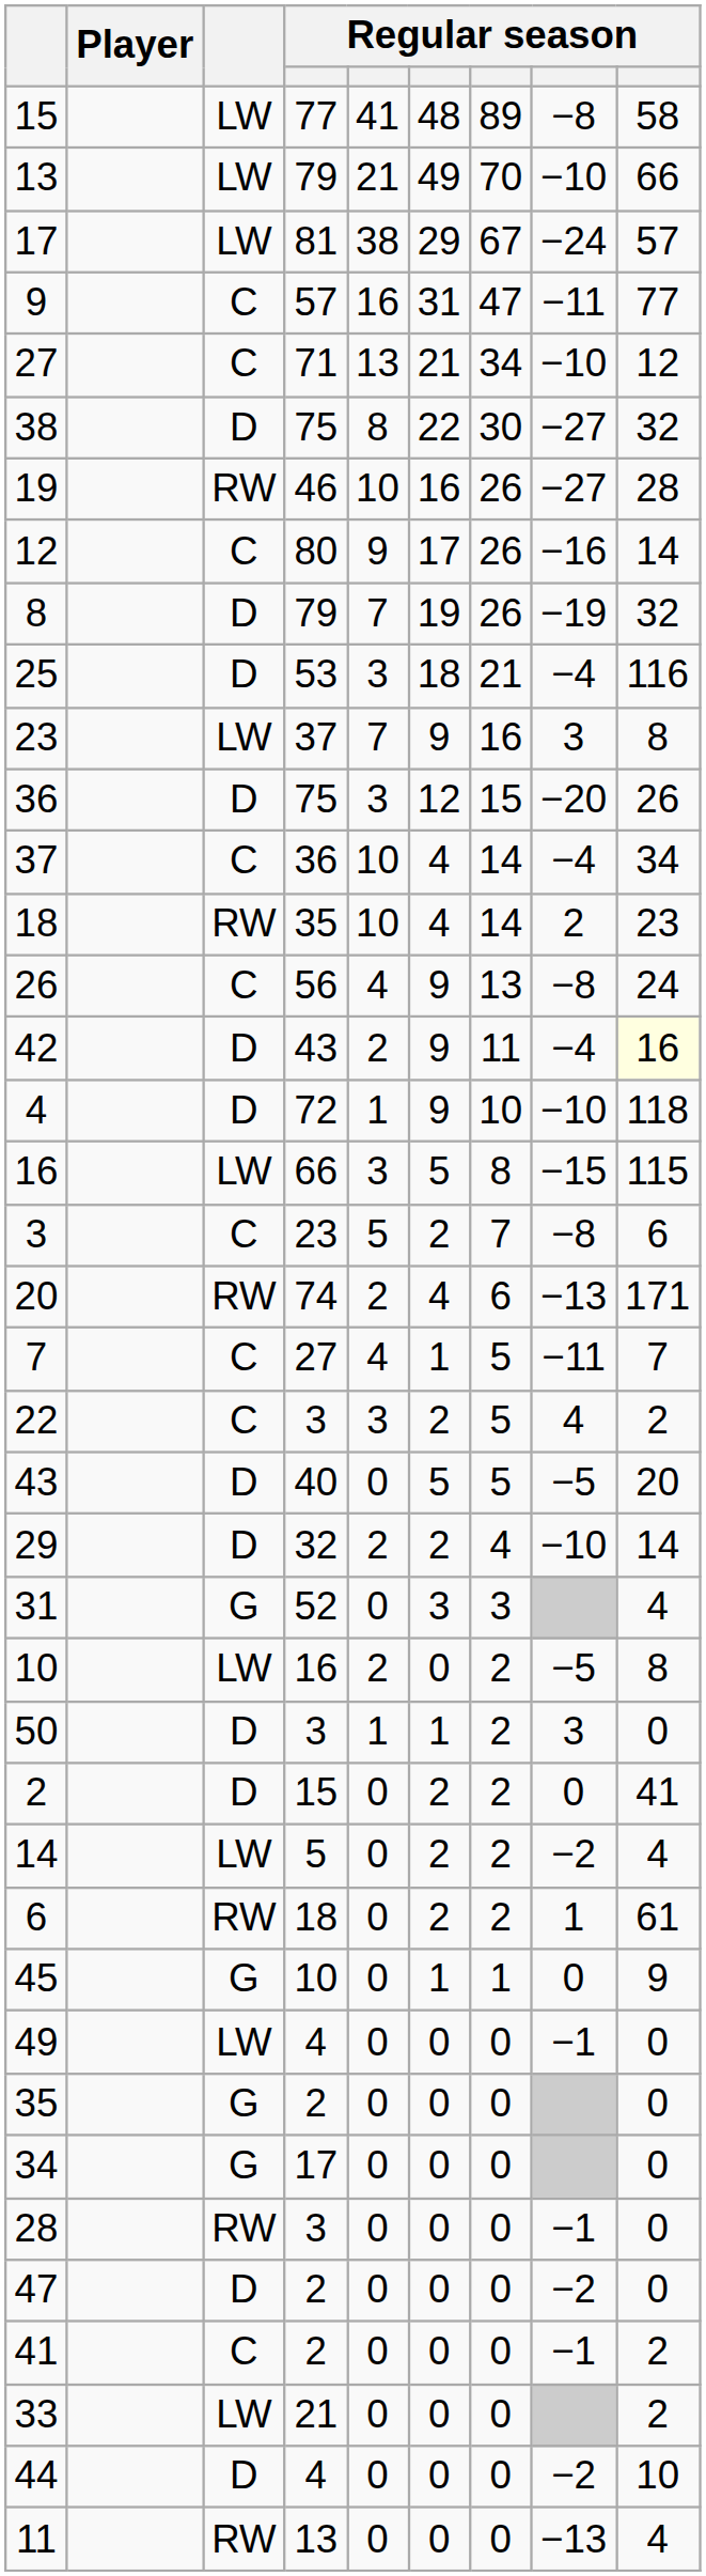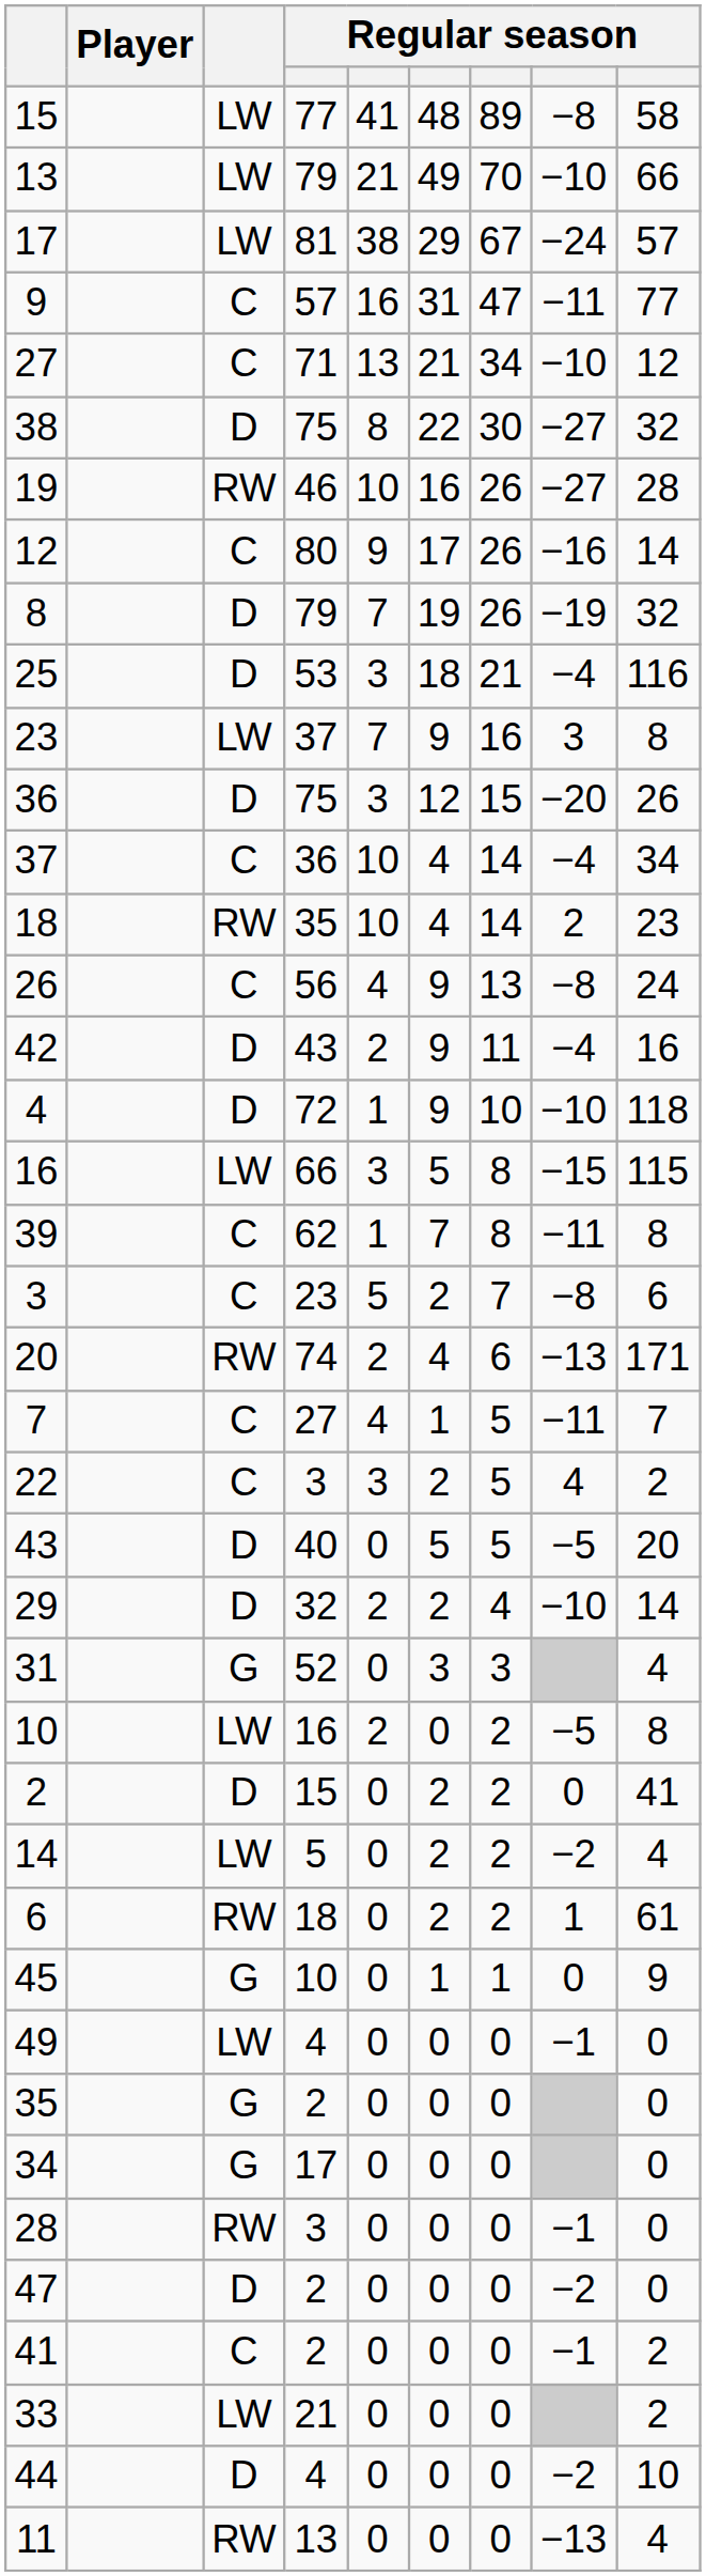 <table class="wikitable sortable plainrowheaders" style="text-align:center;">
 <tr>
 <th scope="col" data-sort-type="number" rowspan="2"></th>
 <th scope="col" rowspan="2">Player</th>
 <th scope="col" rowspan="2"></th>
 <th scope=colgroup colspan=6>Regular season</th>
 </tr>
 <tr>
 <th scope="col" data-sort-type="number"></th>
 <th scope="col" data-sort-type="number"></th>
 <th scope="col" data-sort-type="number"></th>
 <th scope="col" data-sort-type="number"></th>
 <th scope="col" data-sort-type="number"></th>
 <th scope="col" data-sort-type="number"></th>
 </tr>
 <tr>
 <td scope="row">15</td>
 <td align="left"></td>
 <td>LW</td>
 <td>77</td>
 <td>41</td>
 <td>48</td>
 <td>89</td>
 <td>−8</td>
 <td>58</td>
 </tr>
 <tr>
 <td scope="row">13</td>
 <td align="left"></td>
 <td>LW</td>
 <td>79</td>
 <td>21</td>
 <td>49</td>
 <td>70</td>
 <td>−10</td>
 <td>66</td>
 </tr>
 <tr>
 <td scope="row">17</td>
 <td align="left"></td>
 <td>LW</td>
 <td>81</td>
 <td>38</td>
 <td>29</td>
 <td>67</td>
 <td>−24</td>
 <td>57</td>
 </tr>
 <tr>
 <td scope="row">9</td>
 <td align="left"></td>
 <td>C</td>
 <td>57</td>
 <td>16</td>
 <td>31</td>
 <td>47</td>
 <td>−11</td>
 <td>77</td>
 </tr>
 <tr>
 <td scope="row">27</td>
 <td align="left"></td>
 <td>C</td>
 <td>71</td>
 <td>13</td>
 <td>21</td>
 <td>34</td>
 <td>−10</td>
 <td>12</td>
 </tr>
 <tr>
 <td scope="row">38</td>
 <td align="left"></td>
 <td>D</td>
 <td>75</td>
 <td>8</td>
 <td>22</td>
 <td>30</td>
 <td>−27</td>
 <td>32</td>
 </tr>
 <tr>
 <td scope="row">19</td>
 <td align="left"></td>
 <td>RW</td>
 <td>46</td>
 <td>10</td>
 <td>16</td>
 <td>26</td>
 <td>−27</td>
 <td>28</td>
 </tr>
 <tr>
 <td scope="row">12</td>
 <td align="left"></td>
 <td>C</td>
 <td>80</td>
 <td>9</td>
 <td>17</td>
 <td>26</td>
 <td>−16</td>
 <td>14</td>
 </tr>
 <tr>
 <td scope="row">8</td>
 <td align="left"></td>
 <td>D</td>
 <td>79</td>
 <td>7</td>
 <td>19</td>
 <td>26</td>
 <td>−19</td>
 <td>32</td>
 </tr>
 <tr>
 <td scope="row">25</td>
 <td align="left"></td>
 <td>D</td>
 <td>53</td>
 <td>3</td>
 <td>18</td>
 <td>21</td>
 <td>−4</td>
 <td>116</td>
 </tr>
 <tr>
 <td scope="row">23</td>
 <td align="left"></td>
 <td>LW</td>
 <td>37</td>
 <td>7</td>
 <td>9</td>
 <td>16</td>
 <td>3</td>
 <td>8</td>
 </tr>
 <tr>
 <td scope="row">36</td>
 <td align="left"></td>
 <td>D</td>
 <td>75</td>
 <td>3</td>
 <td>12</td>
 <td>15</td>
 <td>−20</td>
 <td>26</td>
 </tr>
 <tr>
 <td scope="row">37</td>
 <td align="left"></td>
 <td>C</td>
 <td>36</td>
 <td>10</td>
 <td>4</td>
 <td>14</td>
 <td>−4</td>
 <td>34</td>
 </tr>
 <tr>
 <td scope="row">18</td>
 <td align="left"></td>
 <td>RW</td>
 <td>35</td>
 <td>10</td>
 <td>4</td>
 <td>14</td>
 <td>2</td>
 <td>23</td>
 </tr>
 <tr>
 <td scope="row">26</td>
 <td align="left"></td>
 <td>C</td>
 <td>56</td>
 <td>4</td>
 <td>9</td>
 <td>13</td>
 <td>−8</td>
 <td>24</td>
 </tr>
 <tr>
 <td scope="row">42</td>
 <td align="left"></td>
 <td>D</td>
 <td>43</td>
 <td>2</td>
 <td>9</td>
 <td>11</td>
 <td>−4</td>
-<td style="background: lightyellow;">16</td>
+<td>16</td>
 </tr>
 <tr>
 <td scope="row">4</td>
 <td align="left"></td>
 <td>D</td>
 <td>72</td>
 <td>1</td>
 <td>9</td>
 <td>10</td>
 <td>−10</td>
 <td>118</td>
 </tr>
 <tr>
 <td scope="row">16</td>
 <td align="left"></td>
 <td>LW</td>
 <td>66</td>
 <td>3</td>
 <td>5</td>
 <td>8</td>
 <td>−15</td>
 <td>115</td>
+</tr>
+<tr>
+<td scope="row">39</td>
+<td align="left"></td>
+<td>C</td>
+<td>62</td>
+<td>1</td>
+<td>7</td>
+<td>8</td>
+<td>−11</td>
+<td>8</td>
 </tr>
 <tr>
 <td scope="row">3</td>
 <td align="left"></td>
 <td>C</td>
 <td>23</td>
 <td>5</td>
 <td>2</td>
 <td>7</td>
 <td>−8</td>
 <td>6</td>
 </tr>
 <tr>
 <td scope="row">20</td>
 <td align="left"></td>
 <td>RW</td>
 <td>74</td>
 <td>2</td>
 <td>4</td>
 <td>6</td>
 <td>−13</td>
 <td>171</td>
 </tr>
 <tr>
 <td scope="row">7</td>
 <td align="left"></td>
 <td>C</td>
 <td>27</td>
 <td>4</td>
 <td>1</td>
 <td>5</td>
 <td>−11</td>
 <td>7</td>
 </tr>
 <tr>
 <td scope="row">22</td>
 <td align="left"></td>
 <td>C</td>
 <td>3</td>
 <td>3</td>
 <td>2</td>
 <td>5</td>
 <td>4</td>
 <td>2</td>
 </tr>
 <tr>
 <td scope="row">43</td>
 <td align="left"></td>
 <td>D</td>
 <td>40</td>
 <td>0</td>
 <td>5</td>
 <td>5</td>
 <td>−5</td>
 <td>20</td>
 </tr>
 <tr>
 <td scope="row">29</td>
 <td align="left"></td>
 <td>D</td>
 <td>32</td>
 <td>2</td>
 <td>2</td>
 <td>4</td>
 <td>−10</td>
 <td>14</td>
 </tr>
 <tr>
 <td scope="row">31</td>
 <td align="left"></td>
 <td>G</td>
 <td>52</td>
 <td>0</td>
 <td>3</td>
 <td>3</td>
 <td style="background:#ccc"></td>
 <td>4</td>
 </tr>
 <tr>
 <td scope="row">10</td>
 <td align="left"></td>
 <td>LW</td>
 <td>16</td>
 <td>2</td>
 <td>0</td>
 <td>2</td>
 <td>−5</td>
 <td>8</td>
-</tr>
-<tr>
-<td scope="row">50</td>
-<td align="left"></td>
-<td>D</td>
-<td>3</td>
-<td>1</td>
-<td>1</td>
-<td>2</td>
-<td>3</td>
-<td>0</td>
 </tr>
 <tr>
 <td scope="row">2</td>
 <td align="left"></td>
 <td>D</td>
 <td>15</td>
 <td>0</td>
 <td>2</td>
 <td>2</td>
 <td>0</td>
 <td>41</td>
 </tr>
 <tr>
 <td scope="row">14</td>
 <td align="left"></td>
 <td>LW</td>
 <td>5</td>
 <td>0</td>
 <td>2</td>
 <td>2</td>
 <td>−2</td>
 <td>4</td>
 </tr>
 <tr>
 <td scope="row">6</td>
 <td align="left"></td>
 <td>RW</td>
 <td>18</td>
 <td>0</td>
 <td>2</td>
 <td>2</td>
 <td>1</td>
 <td>61</td>
 </tr>
 <tr>
 <td scope="row">45</td>
 <td align="left"></td>
 <td>G</td>
 <td>10</td>
 <td>0</td>
 <td>1</td>
 <td>1</td>
 <td>0</td>
 <td>9</td>
 </tr>
 <tr>
 <td scope="row">49</td>
 <td align="left"></td>
 <td>LW</td>
 <td>4</td>
 <td>0</td>
 <td>0</td>
 <td>0</td>
 <td>−1</td>
 <td>0</td>
 </tr>
 <tr>
 <td scope="row">35</td>
 <td align="left"></td>
 <td>G</td>
 <td>2</td>
 <td>0</td>
 <td>0</td>
 <td>0</td>
 <td style="background:#ccc"></td>
 <td>0</td>
 </tr>
 <tr>
 <td scope="row">34</td>
 <td align="left"></td>
 <td>G</td>
 <td>17</td>
 <td>0</td>
 <td>0</td>
 <td>0</td>
 <td style="background:#ccc"></td>
 <td>0</td>
 </tr>
 <tr>
 <td scope="row">28</td>
 <td align="left"></td>
 <td>RW</td>
 <td>3</td>
 <td>0</td>
 <td>0</td>
 <td>0</td>
 <td>−1</td>
 <td>0</td>
 </tr>
 <tr>
 <td scope="row">47</td>
 <td align="left"></td>
 <td>D</td>
 <td>2</td>
 <td>0</td>
 <td>0</td>
 <td>0</td>
 <td>−2</td>
 <td>0</td>
 </tr>
 <tr>
 <td scope="row">41</td>
 <td align="left"></td>
 <td>C</td>
 <td>2</td>
 <td>0</td>
 <td>0</td>
 <td>0</td>
 <td>−1</td>
 <td>2</td>
 </tr>
 <tr>
 <td scope="row">33</td>
 <td align="left"></td>
 <td>LW</td>
 <td>21</td>
 <td>0</td>
 <td>0</td>
 <td>0</td>
 <td style="background:#ccc"></td>
 <td>2</td>
 </tr>
 <tr>
 <td scope="row">44</td>
 <td align="left"></td>
 <td>D</td>
 <td>4</td>
 <td>0</td>
 <td>0</td>
 <td>0</td>
 <td>−2</td>
 <td>10</td>
 </tr>
 <tr>
 <td scope="row">11</td>
 <td align="left"></td>
 <td>RW</td>
 <td>13</td>
 <td>0</td>
 <td>0</td>
 <td>0</td>
 <td>−13</td>
 <td>4</td>
 </tr>
 </table>
